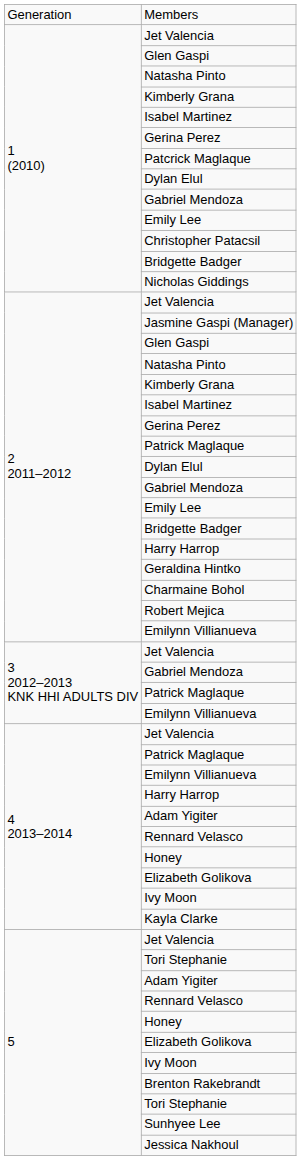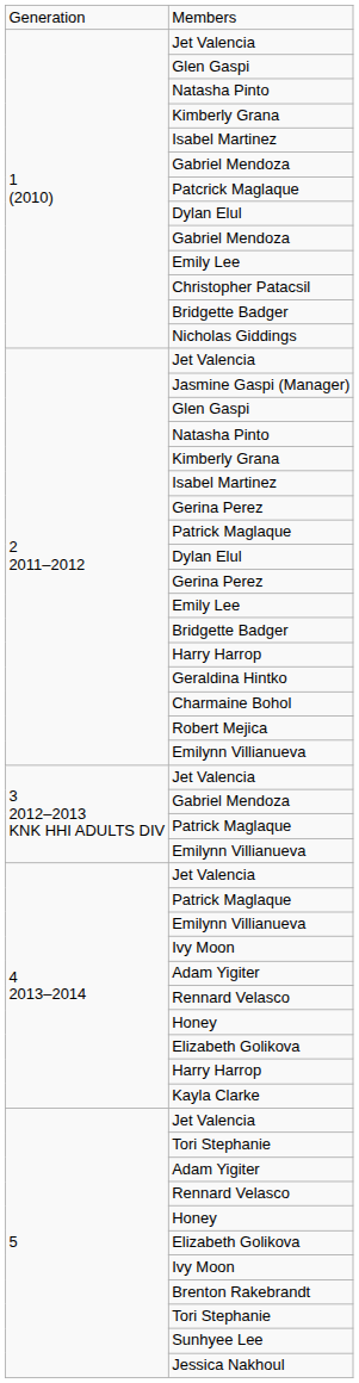 <table class="wikitable">
 <tr>
 <td>Generation</td>
 <td>Members</td>
 </tr>
 <tr>
 <td rowspan="13">1<br>(2010)</td>
 <td>Jet Valencia</td>
 </tr>
 <tr>
 <td>Glen Gaspi</td>
 </tr>
 <tr>
 <td>Natasha Pinto</td>
 </tr>
 <tr>
 <td>Kimberly Grana</td>
 </tr>
 <tr>
 <td>Isabel Martinez</td>
 </tr>
 <tr>
-<td>Gerina Perez</td>
+<td>Gabriel Mendoza</td>
 </tr>
 <tr>
 <td>Patcrick Maglaque</td>
 </tr>
 <tr>
 <td>Dylan Elul</td>
 </tr>
 <tr>
 <td>Gabriel Mendoza</td>
 </tr>
 <tr>
 <td>Emily Lee</td>
 </tr>
 <tr>
 <td>Christopher Patacsil</td>
 </tr>
 <tr>
 <td>Bridgette Badger</td>
 </tr>
 <tr>
 <td>Nicholas Giddings</td>
 </tr>
 <tr>
 <td rowspan="17">2<br>2011–2012</td>
 <td>Jet Valencia</td>
 </tr>
 <tr>
 <td>Jasmine Gaspi (Manager)</td>
 </tr>
 <tr>
 <td>Glen Gaspi</td>
 </tr>
 <tr>
 <td>Natasha Pinto</td>
 </tr>
 <tr>
 <td>Kimberly Grana</td>
 </tr>
 <tr>
 <td>Isabel Martinez</td>
 </tr>
 <tr>
 <td>Gerina Perez</td>
 </tr>
 <tr>
 <td>Patrick Maglaque</td>
 </tr>
 <tr>
 <td>Dylan Elul</td>
 </tr>
 <tr>
-<td>Gabriel Mendoza</td>
+<td>Gerina Perez</td>
 </tr>
 <tr>
 <td>Emily Lee</td>
 </tr>
 <tr>
 <td>Bridgette Badger</td>
 </tr>
 <tr>
 <td>Harry Harrop</td>
 </tr>
 <tr>
 <td>Geraldina Hintko</td>
 </tr>
 <tr>
 <td>Charmaine Bohol</td>
 </tr>
 <tr>
 <td>Robert Mejica</td>
 </tr>
 <tr>
 <td>Emilynn Villianueva</td>
 </tr>
 <tr>
 <td rowspan="4">3<br>2012–2013<br>KNK HHI ADULTS DIV</td>
 <td>Jet Valencia</td>
 </tr>
 <tr>
 <td>Gabriel Mendoza</td>
 </tr>
 <tr>
 <td>Patrick Maglaque</td>
 </tr>
 <tr>
 <td>Emilynn Villianueva</td>
 </tr>
 <tr>
 <td rowspan="10">4<br>2013–2014</td>
 <td>Jet Valencia</td>
 </tr>
 <tr>
 <td>Patrick Maglaque</td>
 </tr>
 <tr>
 <td>Emilynn Villianueva</td>
 </tr>
 <tr>
-<td>Harry Harrop</td>
+<td>Ivy Moon</td>
 </tr>
 <tr>
 <td>Adam Yigiter</td>
 </tr>
 <tr>
 <td>Rennard Velasco</td>
 </tr>
 <tr>
 <td>Honey</td>
 </tr>
 <tr>
 <td>Elizabeth Golikova</td>
 </tr>
 <tr>
-<td>Ivy Moon</td>
+<td>Harry Harrop</td>
 </tr>
 <tr>
 <td>Kayla Clarke</td>
 </tr>
 <tr>
 <td rowspan="11">5</td>
 <td>Jet Valencia</td>
 </tr>
 <tr>
 <td>Tori Stephanie</td>
 </tr>
 <tr>
 <td>Adam Yigiter</td>
 </tr>
 <tr>
 <td>Rennard Velasco</td>
 </tr>
 <tr>
 <td>Honey</td>
 </tr>
 <tr>
 <td>Elizabeth Golikova</td>
 </tr>
 <tr>
 <td>Ivy Moon</td>
 </tr>
 <tr>
 <td>Brenton Rakebrandt</td>
 </tr>
 <tr>
 <td>Tori Stephanie</td>
 </tr>
 <tr>
 <td>Sunhyee Lee</td>
 </tr>
 <tr>
 <td>Jessica Nakhoul</td>
 </tr>
 </table>
